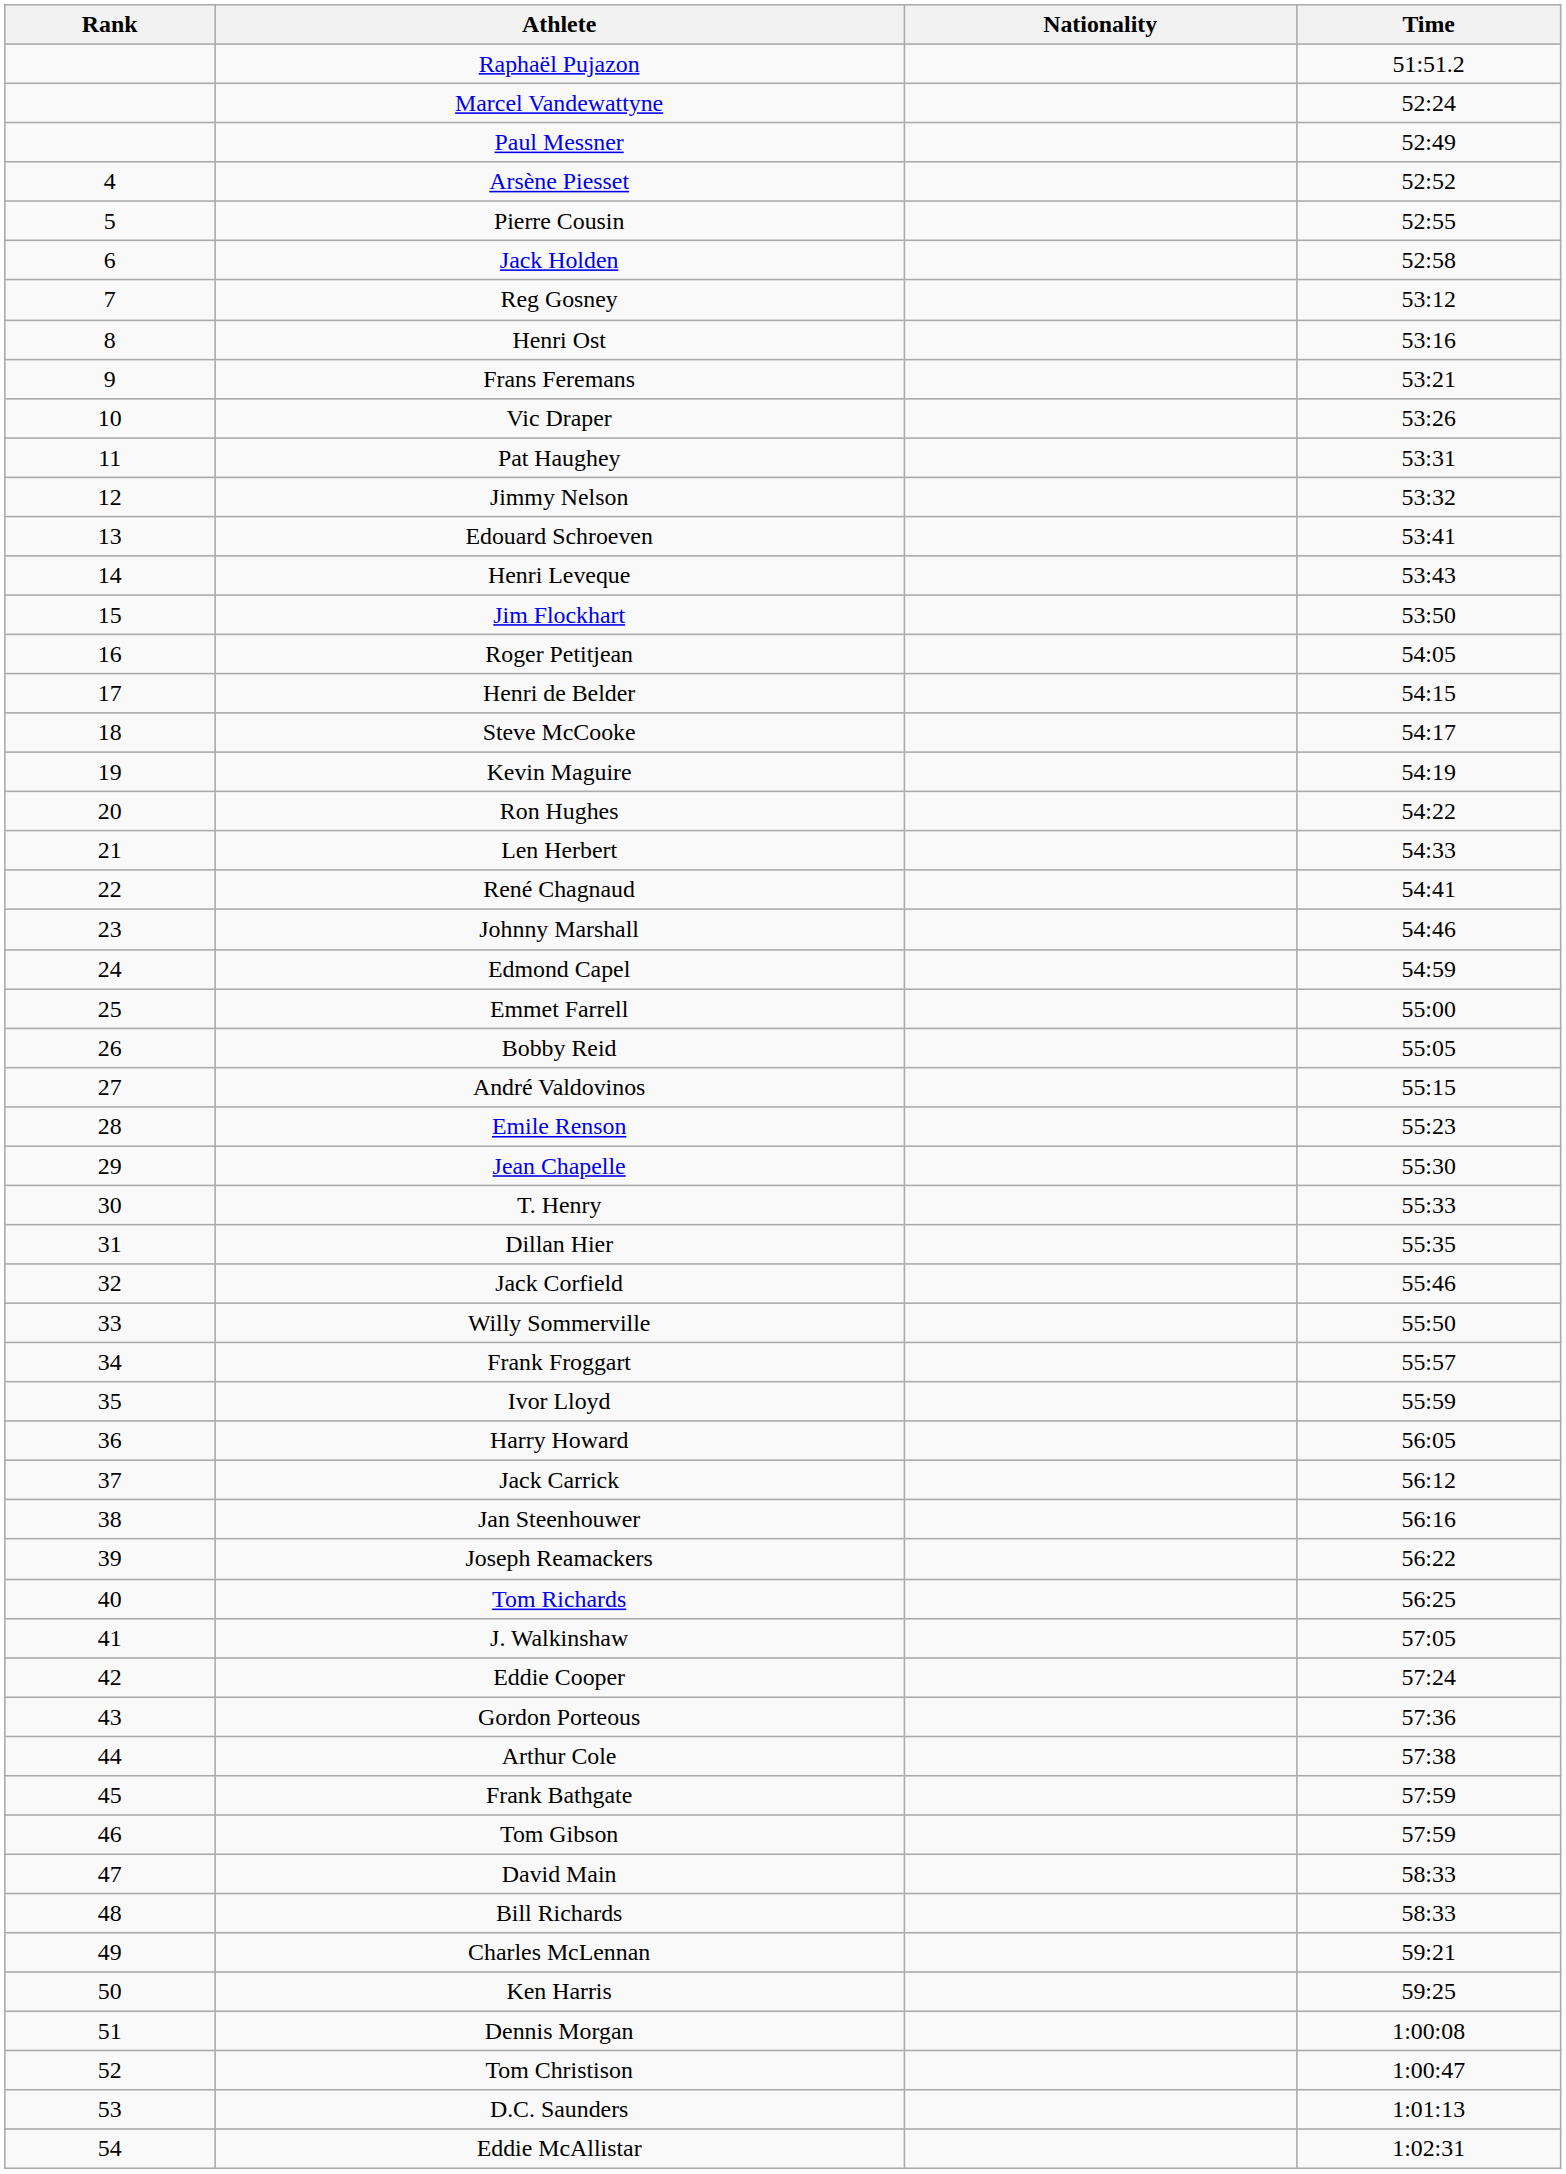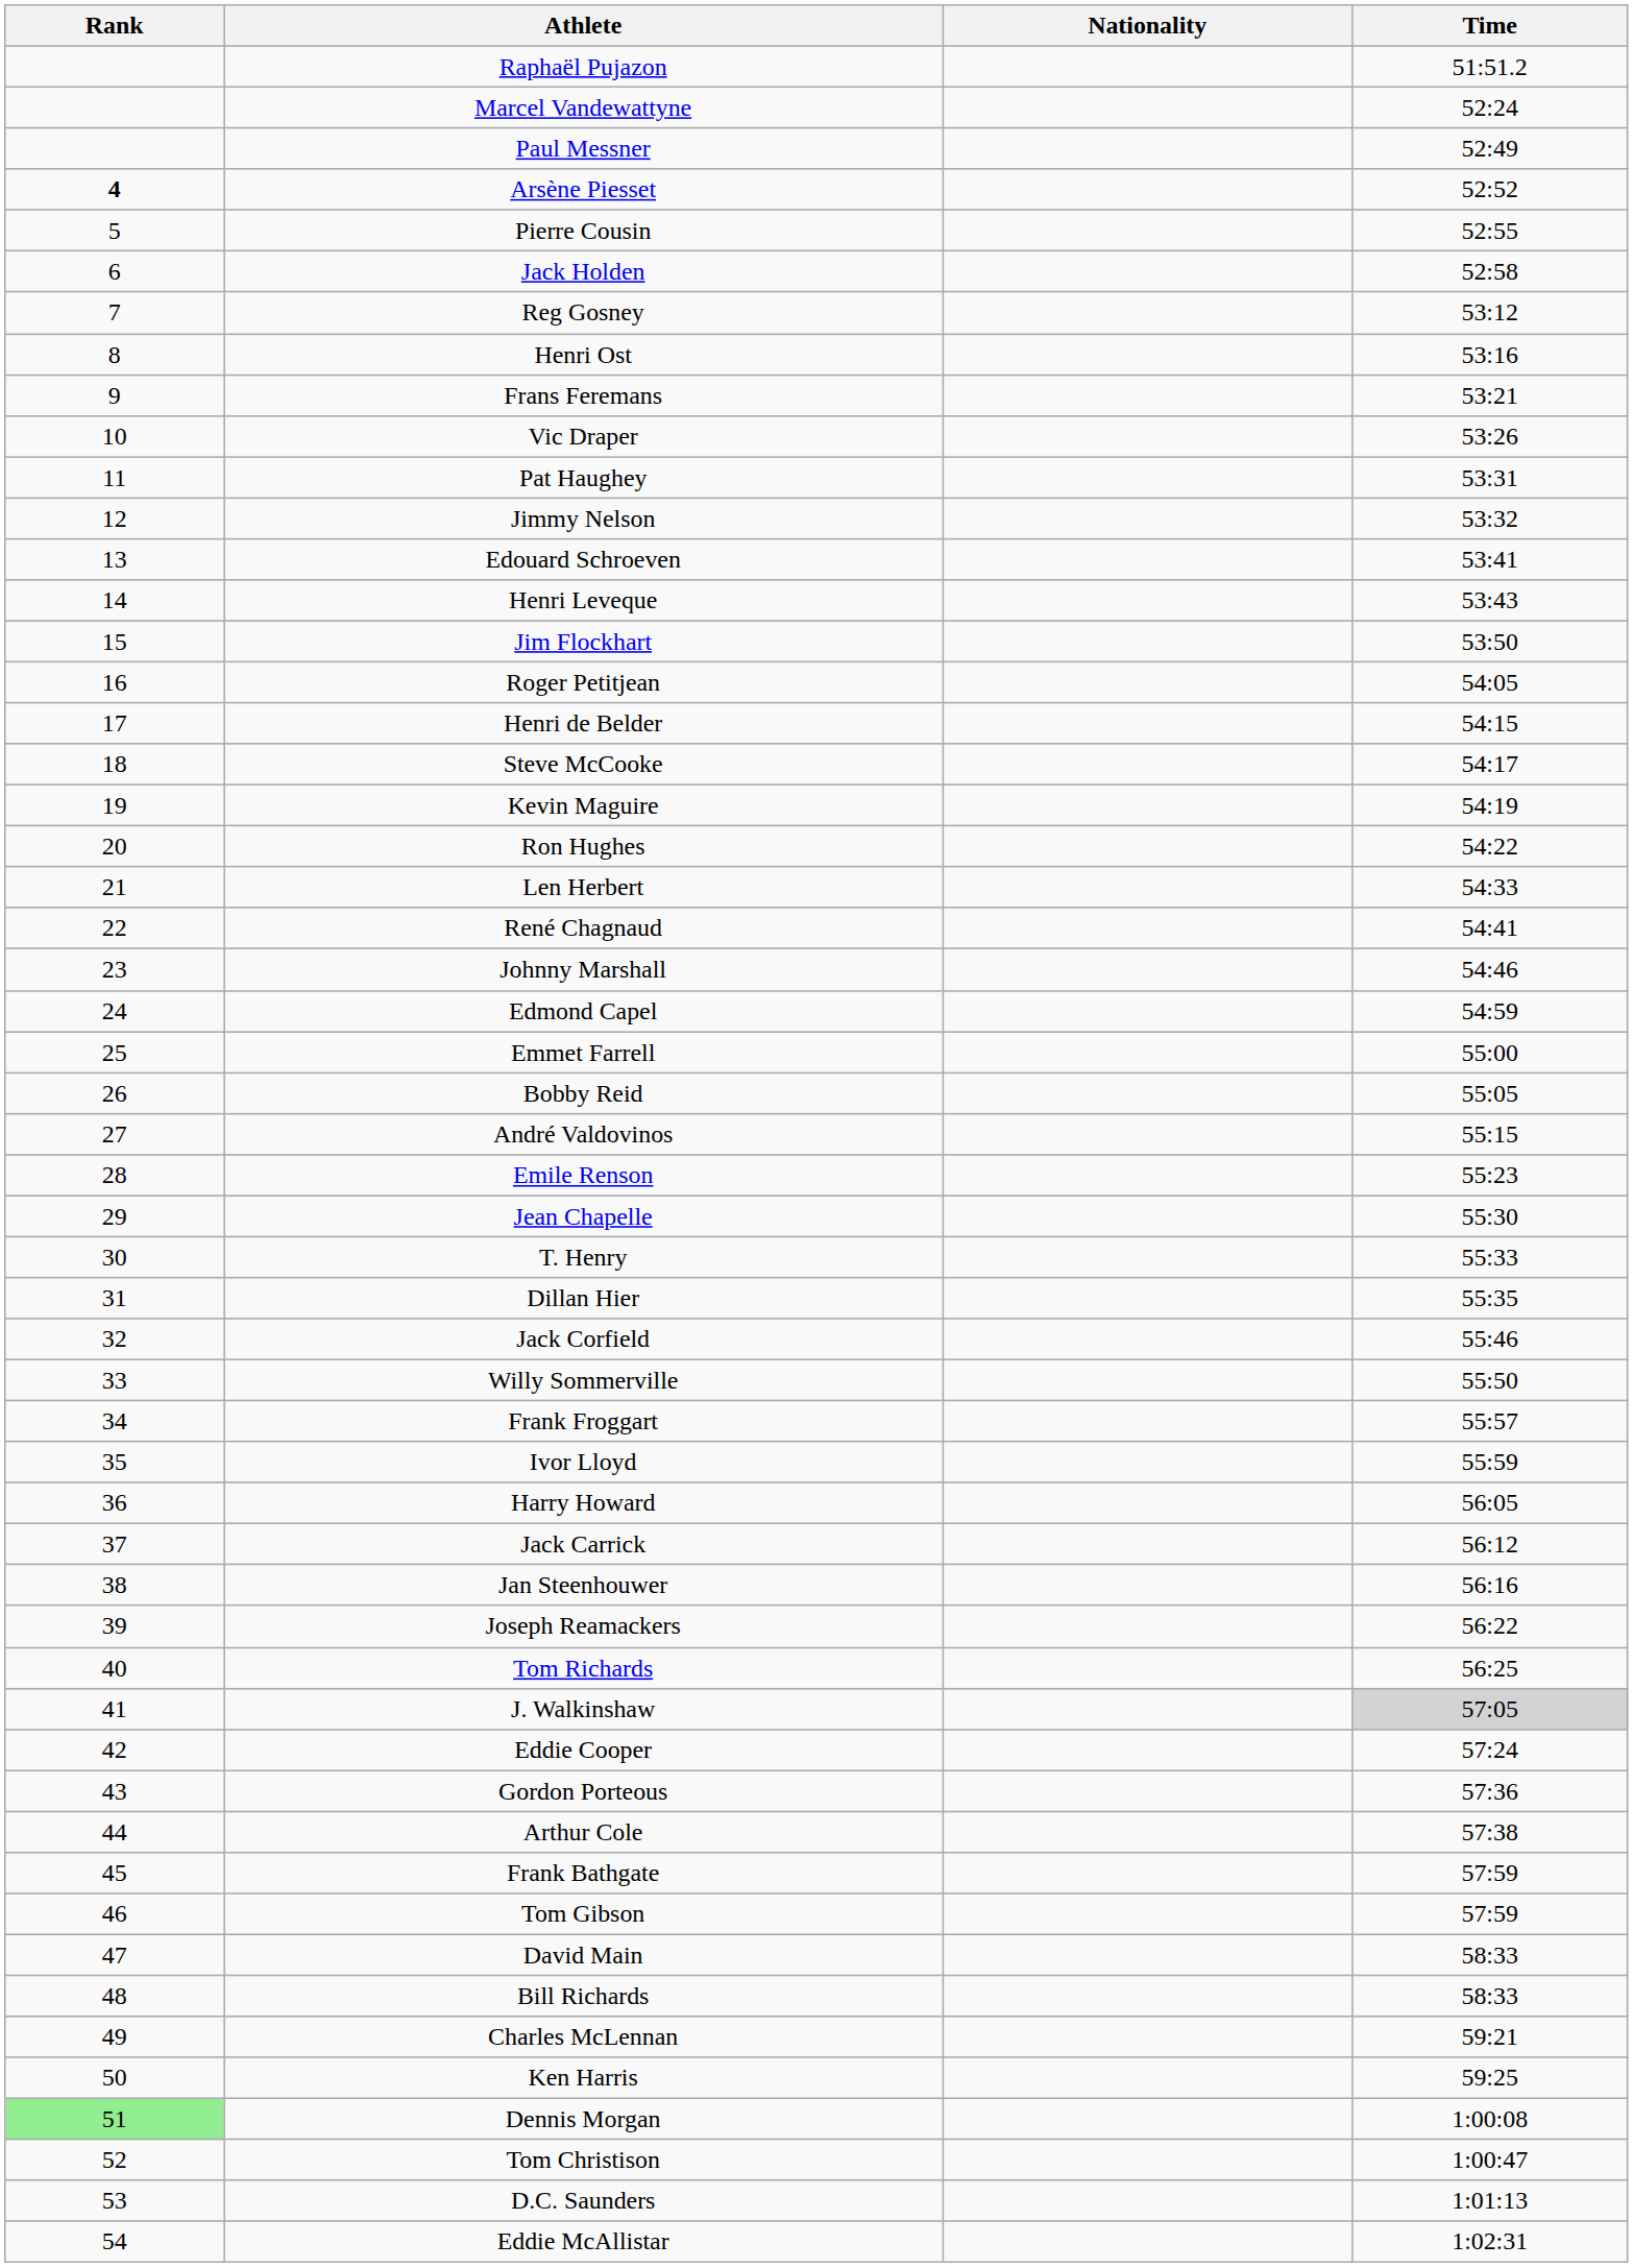 <table class="wikitable sortable" style=" text-align:center; font-size:95%;" width="50%">
 <tr>
 <th>Rank</th>
 <th>Athlete</th>
 <th>Nationality</th>
 <th>Time</th>
 </tr>
 <tr>
 <td align=center></td>
 <td><a href='#'>Raphaël Pujazon</a></td>
 <td></td>
 <td>51:51.2</td>
 </tr>
 <tr>
 <td align=center></td>
 <td><a href='#'>Marcel Vandewattyne</a></td>
 <td></td>
 <td>52:24</td>
 </tr>
 <tr>
 <td align=center></td>
 <td><a href='#'>Paul Messner</a></td>
 <td></td>
 <td>52:49</td>
 </tr>
 <tr>
-<td align=center>4</td>
+<td align=center><strong>4</strong></td>
 <td><a href='#'>Arsène Piesset</a></td>
 <td></td>
 <td>52:52</td>
 </tr>
 <tr>
 <td align=center>5</td>
 <td>Pierre Cousin</td>
 <td></td>
 <td>52:55</td>
 </tr>
 <tr>
 <td align=center>6</td>
 <td><a href='#'>Jack Holden</a></td>
 <td></td>
 <td>52:58</td>
 </tr>
 <tr>
 <td align=center>7</td>
 <td>Reg Gosney</td>
 <td></td>
 <td>53:12</td>
 </tr>
 <tr>
 <td align=center>8</td>
 <td>Henri Ost</td>
 <td></td>
 <td>53:16</td>
 </tr>
 <tr>
 <td align=center>9</td>
 <td>Frans Feremans</td>
 <td></td>
 <td>53:21</td>
 </tr>
 <tr>
 <td align=center>10</td>
 <td>Vic Draper</td>
 <td></td>
 <td>53:26</td>
 </tr>
 <tr>
 <td align=center>11</td>
 <td>Pat Haughey</td>
 <td></td>
 <td>53:31</td>
 </tr>
 <tr>
 <td align=center>12</td>
 <td>Jimmy Nelson</td>
 <td></td>
 <td>53:32</td>
 </tr>
 <tr>
 <td align=center>13</td>
 <td>Edouard Schroeven</td>
 <td></td>
 <td>53:41</td>
 </tr>
 <tr>
 <td align=center>14</td>
 <td>Henri Leveque</td>
 <td></td>
 <td>53:43</td>
 </tr>
 <tr>
 <td align=center>15</td>
 <td><a href='#'>Jim Flockhart</a></td>
 <td></td>
 <td>53:50</td>
 </tr>
 <tr>
 <td align=center>16</td>
 <td>Roger Petitjean</td>
 <td></td>
 <td>54:05</td>
 </tr>
 <tr>
 <td align=center>17</td>
 <td>Henri de Belder</td>
 <td></td>
 <td>54:15</td>
 </tr>
 <tr>
 <td align=center>18</td>
 <td>Steve McCooke</td>
 <td></td>
 <td>54:17</td>
 </tr>
 <tr>
 <td align=center>19</td>
 <td>Kevin Maguire</td>
 <td></td>
 <td>54:19</td>
 </tr>
 <tr>
 <td align=center>20</td>
 <td>Ron Hughes</td>
 <td></td>
 <td>54:22</td>
 </tr>
 <tr>
 <td align=center>21</td>
 <td>Len Herbert</td>
 <td></td>
 <td>54:33</td>
 </tr>
 <tr>
 <td align=center>22</td>
 <td>René Chagnaud</td>
 <td></td>
 <td>54:41</td>
 </tr>
 <tr>
 <td align=center>23</td>
 <td>Johnny Marshall</td>
 <td></td>
 <td>54:46</td>
 </tr>
 <tr>
 <td align=center>24</td>
 <td>Edmond Capel</td>
 <td></td>
 <td>54:59</td>
 </tr>
 <tr>
 <td align=center>25</td>
 <td>Emmet Farrell</td>
 <td></td>
 <td>55:00</td>
 </tr>
 <tr>
 <td align=center>26</td>
 <td>Bobby Reid</td>
 <td></td>
 <td>55:05</td>
 </tr>
 <tr>
 <td align=center>27</td>
 <td>André Valdovinos</td>
 <td></td>
 <td>55:15</td>
 </tr>
 <tr>
 <td align=center>28</td>
 <td><a href='#'>Emile Renson</a></td>
 <td></td>
 <td>55:23</td>
 </tr>
 <tr>
 <td align=center>29</td>
 <td><a href='#'>Jean Chapelle</a></td>
 <td></td>
 <td>55:30</td>
 </tr>
 <tr>
 <td align=center>30</td>
 <td>T. Henry</td>
 <td></td>
 <td>55:33</td>
 </tr>
 <tr>
 <td align=center>31</td>
 <td>Dillan Hier</td>
 <td></td>
 <td>55:35</td>
 </tr>
 <tr>
 <td align=center>32</td>
 <td>Jack Corfield</td>
 <td></td>
 <td>55:46</td>
 </tr>
 <tr>
 <td align=center>33</td>
 <td>Willy Sommerville</td>
 <td></td>
 <td>55:50</td>
 </tr>
 <tr>
 <td align=center>34</td>
 <td>Frank Froggart</td>
 <td></td>
 <td>55:57</td>
 </tr>
 <tr>
 <td align=center>35</td>
 <td>Ivor Lloyd</td>
 <td></td>
 <td>55:59</td>
 </tr>
 <tr>
 <td align=center>36</td>
 <td>Harry Howard</td>
 <td></td>
 <td>56:05</td>
 </tr>
 <tr>
 <td align=center>37</td>
 <td>Jack Carrick</td>
 <td></td>
 <td>56:12</td>
 </tr>
 <tr>
 <td align=center>38</td>
 <td>Jan Steenhouwer</td>
 <td></td>
 <td>56:16</td>
 </tr>
 <tr>
 <td align=center>39</td>
 <td>Joseph Reamackers</td>
 <td></td>
 <td>56:22</td>
 </tr>
 <tr>
 <td align=center>40</td>
 <td><a href='#'>Tom Richards</a></td>
 <td></td>
 <td>56:25</td>
 </tr>
 <tr>
 <td align=center>41</td>
 <td>J. Walkinshaw</td>
 <td></td>
-<td>57:05</td>
+<td style="background: lightgrey;">57:05</td>
 </tr>
 <tr>
 <td align=center>42</td>
 <td>Eddie Cooper</td>
 <td></td>
 <td>57:24</td>
 </tr>
 <tr>
 <td align=center>43</td>
 <td>Gordon Porteous</td>
 <td></td>
 <td>57:36</td>
 </tr>
 <tr>
 <td align=center>44</td>
 <td>Arthur Cole</td>
 <td></td>
 <td>57:38</td>
 </tr>
 <tr>
 <td align=center>45</td>
 <td>Frank Bathgate</td>
 <td></td>
 <td>57:59</td>
 </tr>
 <tr>
 <td align=center>46</td>
 <td>Tom Gibson</td>
 <td></td>
 <td>57:59</td>
 </tr>
 <tr>
 <td align=center>47</td>
 <td>David Main</td>
 <td></td>
 <td>58:33</td>
 </tr>
 <tr>
 <td align=center>48</td>
 <td>Bill Richards</td>
 <td></td>
 <td>58:33</td>
 </tr>
 <tr>
 <td align=center>49</td>
 <td>Charles McLennan</td>
 <td></td>
 <td>59:21</td>
 </tr>
 <tr>
 <td align=center>50</td>
 <td>Ken Harris</td>
 <td></td>
 <td>59:25</td>
 </tr>
 <tr>
-<td align=center>51</td>
+<td align=center style="background: lightgreen;">51</td>
 <td>Dennis Morgan</td>
 <td></td>
 <td>1:00:08</td>
 </tr>
 <tr>
 <td align=center>52</td>
 <td>Tom Christison</td>
 <td></td>
 <td>1:00:47</td>
 </tr>
 <tr>
 <td align=center>53</td>
 <td>D.C. Saunders</td>
 <td></td>
 <td>1:01:13</td>
 </tr>
 <tr>
 <td align=center>54</td>
 <td>Eddie McAllistar</td>
 <td></td>
 <td>1:02:31</td>
 </tr>
 </table>
